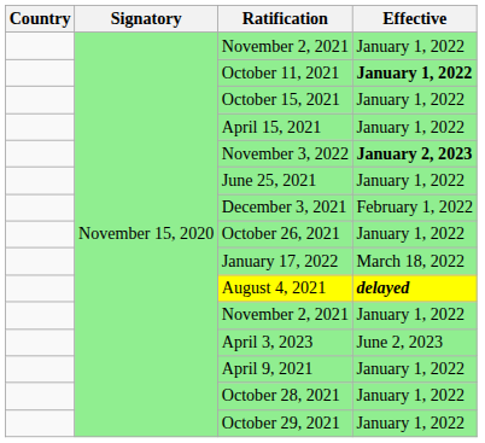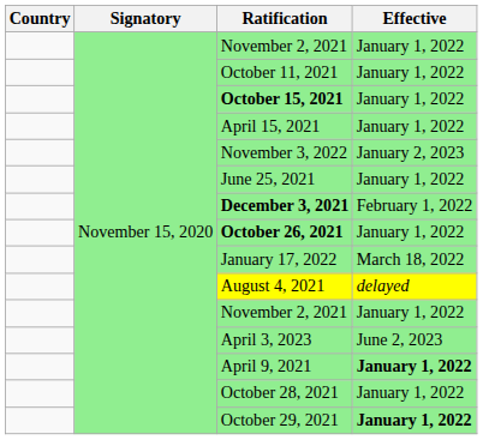 <table class="wikitable sortable">
 <tr>
 <th>Country</th>
 <th class=unsortable>Signatory</th>
 <th>Ratification</th>
 <th>Effective</th>
 </tr>
 <tr>
 <td></td>
 <td rowspan="15" style="background-color:lightgreen">November 15, 2020</td>
 <td style="background-color:lightgreen">November 2, 2021</td>
 <td style="background-color:lightgreen">January 1, 2022</td>
 </tr>
 <tr>
 <td></td>
 <td style="background-color:lightgreen">October 11, 2021</td>
-<td style="background-color:lightgreen"><strong>January 1, 2022</strong></td>
+<td style="background-color:lightgreen">January 1, 2022</td>
 </tr>
 <tr>
 <td></td>
-<td style="background-color:lightgreen">October 15, 2021</td>
+<td style="background-color:lightgreen"><strong>October 15, 2021</strong></td>
 <td style="background-color:lightgreen">January 1, 2022</td>
 </tr>
 <tr>
 <td></td>
 <td style="background-color:lightgreen">April 15, 2021</td>
 <td style="background-color:lightgreen">January 1, 2022</td>
 </tr>
 <tr>
 <td></td>
 <td style="background-color:lightgreen">November 3, 2022</td>
-<td style="background-color:lightgreen"><strong>January 2, 2023</strong></td>
+<td style="background-color:lightgreen">January 2, 2023</td>
 </tr>
 <tr>
 <td></td>
 <td style="background-color:lightgreen">June 25, 2021</td>
 <td style="background-color:lightgreen">January 1, 2022</td>
 </tr>
 <tr>
 <td></td>
-<td style="background-color:lightgreen">December 3, 2021</td>
+<td style="background-color:lightgreen"><strong>December 3, 2021</strong></td>
 <td style="background-color:lightgreen">February 1, 2022</td>
 </tr>
 <tr>
 <td></td>
-<td style="background-color:lightgreen">October 26, 2021</td>
+<td style="background-color:lightgreen"><strong>October 26, 2021</strong></td>
 <td style="background-color:lightgreen">January 1, 2022</td>
 </tr>
 <tr>
 <td></td>
 <td style="background-color:lightgreen">January 17, 2022</td>
 <td style="background-color:lightgreen">March 18, 2022</td>
 </tr>
 <tr>
 <td></td>
 <td style="background-color:yellow">August 4, 2021</td>
-<td style="background-color:yellow"><strong><em>delayed</em></strong></td>
+<td style="background-color:yellow"><em>delayed</em></td>
 </tr>
 <tr>
 <td></td>
 <td style="background-color:lightgreen">November 2, 2021</td>
 <td style="background-color:lightgreen">January 1, 2022</td>
 </tr>
 <tr>
 <td></td>
 <td style="background-color:lightgreen">April 3, 2023</td>
 <td style="background-color:lightgreen">June 2, 2023</td>
 </tr>
 <tr>
 <td></td>
 <td style="background-color:lightgreen">April 9, 2021</td>
-<td style="background-color:lightgreen">January 1, 2022</td>
+<td style="background-color:lightgreen"><strong>January 1, 2022</strong></td>
 </tr>
 <tr>
 <td></td>
 <td style="background-color:lightgreen">October 28, 2021</td>
 <td style="background-color:lightgreen">January 1, 2022</td>
 </tr>
 <tr>
 <td></td>
 <td style="background-color:lightgreen">October 29, 2021</td>
-<td style="background-color:lightgreen">January 1, 2022</td>
+<td style="background-color:lightgreen"><strong>January 1, 2022</strong></td>
 </tr>
 </table>
